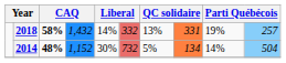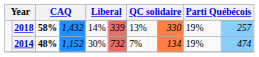 <table class="wikitable" style="width:400; font-size:90%; margin-left:1em;">
 <tr>
 <th colspan="2" scope="col">Year</th>
 <th colspan="2" scope="col"><a href='#'>CAQ</a></th>
 <th colspan="2" scope="col"><a href='#'>Liberal</a></th>
 <th colspan="2" scope="col"><a href='#'>QC solidaire</a></th>
 <th colspan="2" scope="col"><a href='#'>Parti Québécois</a></th>
 </tr>
 <tr>
 <td rowspan="2" style="width: 0.25em; background-color: "></td>
 <th><a href='#'>2018</a></th>
 <td><strong>58%</strong></td>
 <td style="text-align:right; background:#1E90FF;"><em>1,432</em></td>
 <td>14%</td>
-<td style="text-align:right; background:#EA6D6A;"><em>332</em></td>
+<td style="text-align:right; background:#EA6D6A;"><em>339</em></td>
 <td>13%</td>
-<td style="text-align:right; background:#FF8040;"><em>331</em></td>
+<td style="text-align:right; background:#FF8040;"><em>330</em></td>
 <td>19%</td>
 <td style="text-align:right; background:#87CEFA;"><em>257</em></td>
 </tr>
 <tr>
 <th><a href='#'>2014</a></th>
 <td><strong>48%</strong></td>
 <td style="text-align:right; background:#1E90FF;"><em>1,152</em></td>
 <td>30%</td>
 <td style="text-align:right; background:#EA6D6A;"><em>732</em></td>
-<td>5%</td>
+<td>7%</td>
 <td style="text-align:right; background:#FF8040;"><em>134</em></td>
-<td>14%</td>
-<td style="text-align:right; background:#87CEFA;"><em>504</em></td>
+<td>19%</td>
+<td style="text-align:right; background:#87CEFA;"><em>474</em></td>
 </tr>
 <tr>
 </tr>
 </table>
